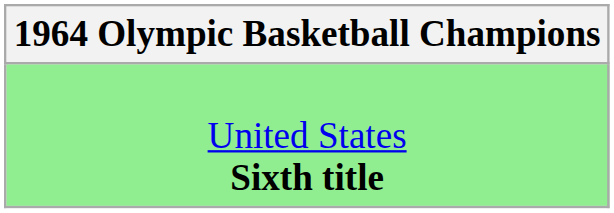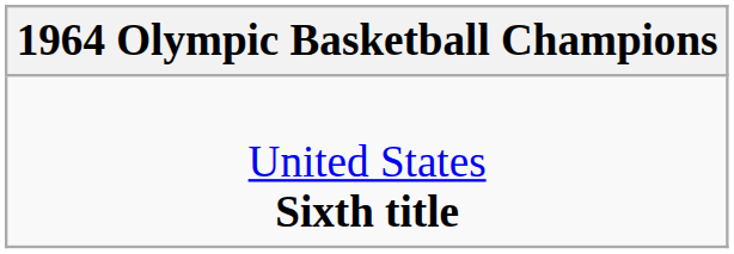 <table class=wikitable style="text-align:center;">
 <tr>
 <th>1964 Olympic Basketball Champions</th>
 </tr>
 <tr>
-<td style="background: lightgreen;"> <br> <a href='#'>United States</a> <br> <strong>Sixth title</strong></td>
+<td> <br> <a href='#'>United States</a> <br> <strong>Sixth title</strong></td>
 </tr>
 </table>
